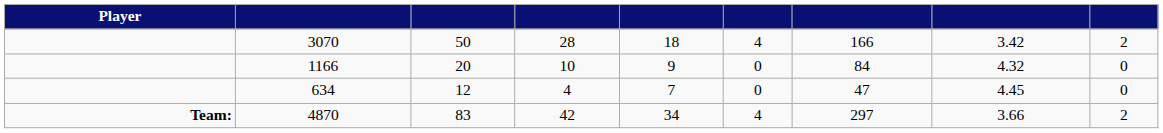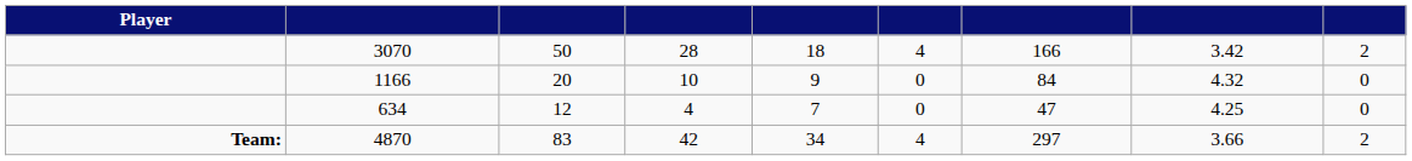 <table class="wikitable sortable" style="width:60%; text-align:center;">
 <tr>
 <th style="color:white; background:#081073; ">Player</th>
 <th style="color:white; background:#081073; "></th>
 <th style="color:white; background:#081073; "></th>
 <th style="color:white; background:#081073; "></th>
 <th style="color:white; background:#081073; "></th>
 <th style="color:white; background:#081073; "></th>
 <th style="color:white; background:#081073; "></th>
 <th style="color:white; background:#081073; "></th>
 <th style="color:white; background:#081073; "></th>
 </tr>
 <tr align="center">
 <td align="right"></td>
 <td>3070</td>
 <td>50</td>
 <td>28</td>
 <td>18</td>
 <td>4</td>
 <td>166</td>
 <td>3.42</td>
 <td>2</td>
 </tr>
 <tr align="center">
 <td align="right"></td>
 <td>1166</td>
 <td>20</td>
 <td>10</td>
 <td>9</td>
 <td>0</td>
 <td>84</td>
 <td>4.32</td>
 <td>0</td>
 </tr>
 <tr align="center">
 <td align="right"></td>
 <td>634</td>
 <td>12</td>
 <td>4</td>
 <td>7</td>
 <td>0</td>
 <td>47</td>
-<td>4.45</td>
+<td>4.25</td>
 <td>0</td>
 </tr>
 <tr align="center">
 <td align="right"><strong>Team:</strong></td>
 <td>4870</td>
 <td>83</td>
 <td>42</td>
 <td>34</td>
 <td>4</td>
 <td>297</td>
 <td>3.66</td>
 <td>2</td>
 </tr>
 </table>
